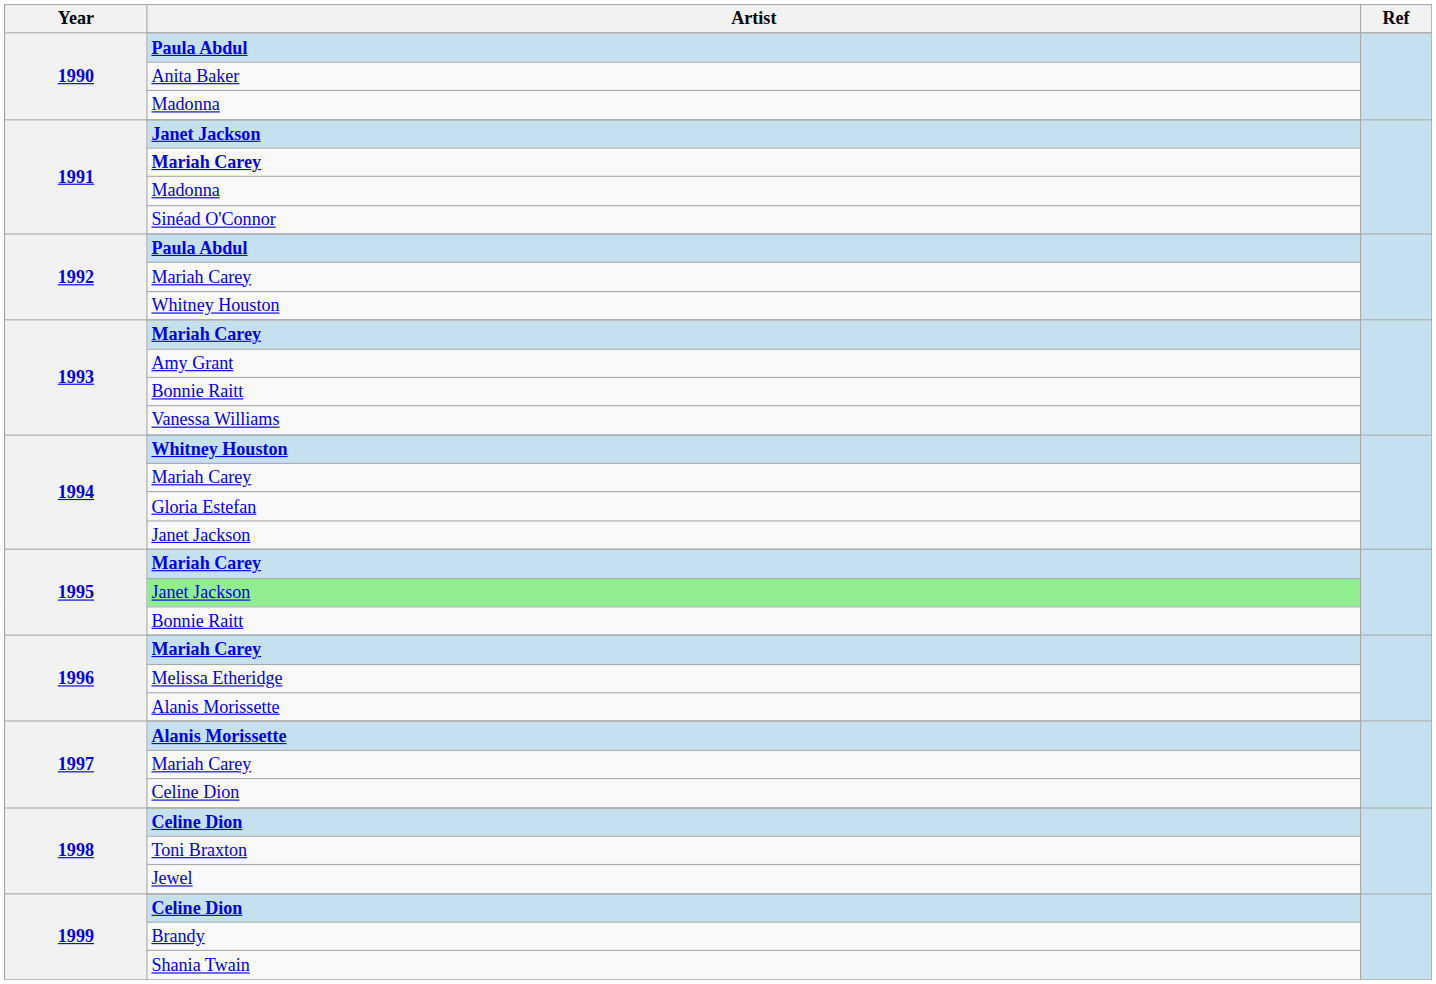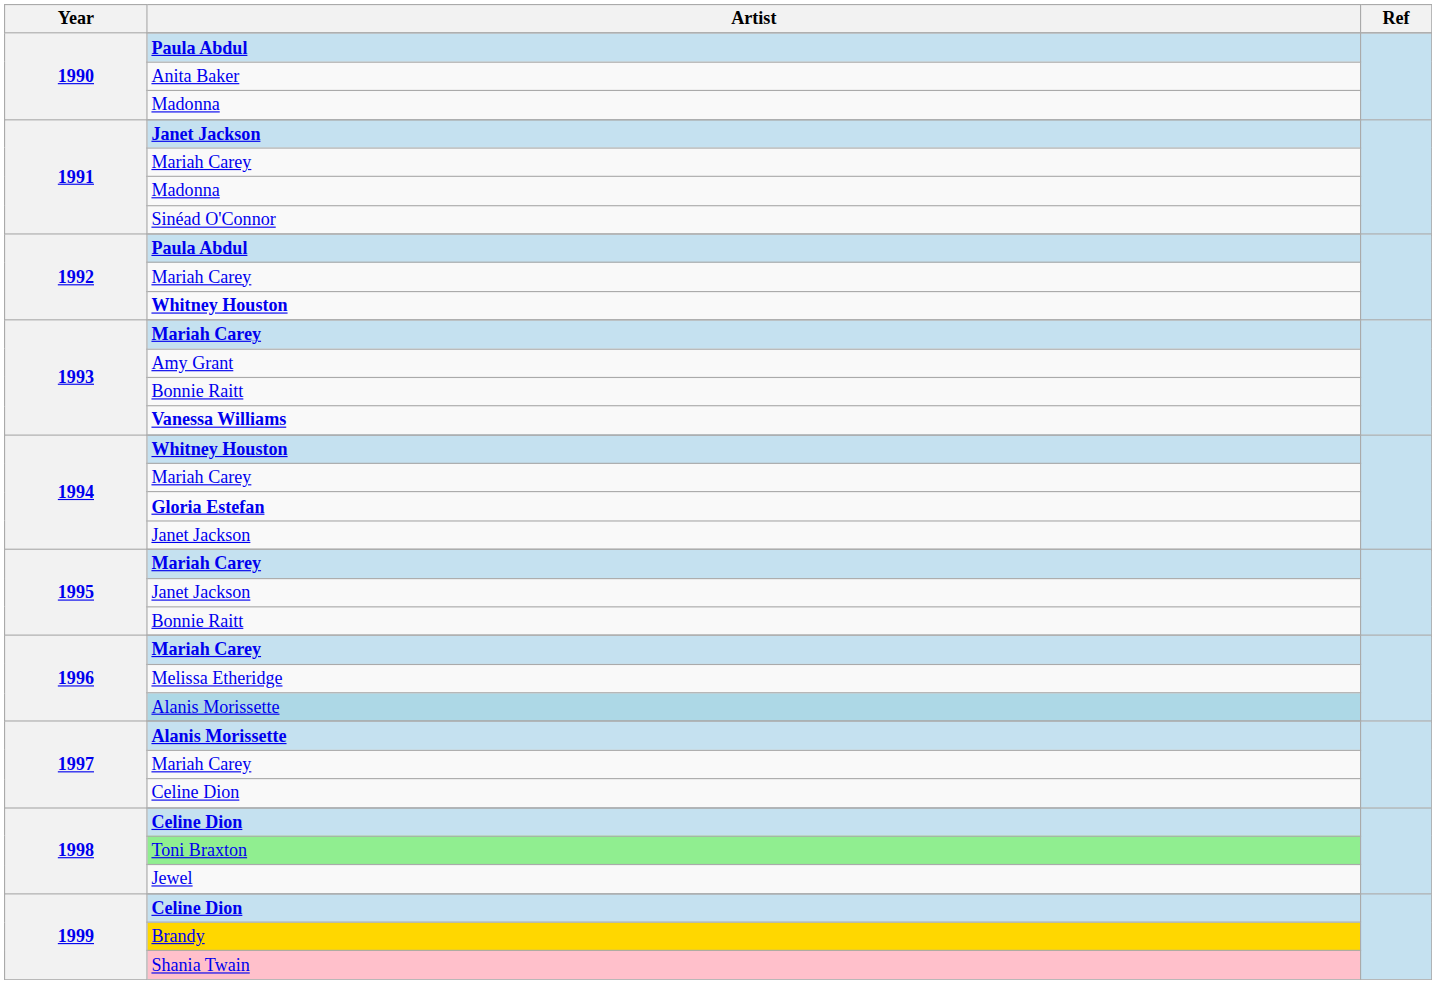 <table class="wikitable" width="100%">
 <tr>
 <th width="10%">Year</th>
 <th width="85%">Artist</th>
 <th width="5%">Ref</th>
 </tr>
 <tr>
 <th rowspan="4" align="center"><a href='#'>1990<br></a></th>
 </tr>
 <tr style="background:#c5e1f0">
 <td><strong><a href='#'>Paula Abdul</a></strong></td>
 <td rowspan="4" align="center"></td>
 </tr>
 <tr>
 <td><a href='#'>Anita Baker</a></td>
 </tr>
 <tr>
 <td><a href='#'>Madonna</a></td>
 </tr>
 <tr>
 <th rowspan="5" align="center"><a href='#'>1991<br></a></th>
 </tr>
 <tr style="background:#c5e1f0">
 <td><strong><a href='#'>Janet Jackson</a></strong></td>
 <td rowspan="5" align="center"></td>
 </tr>
 <tr>
-<td><strong><a href='#'>Mariah Carey</a></strong></td>
+<td><a href='#'>Mariah Carey</a></td>
 </tr>
 <tr>
 <td><a href='#'>Madonna</a></td>
 </tr>
 <tr>
 <td><a href='#'>Sinéad O'Connor</a></td>
 </tr>
 <tr>
 <th rowspan="4" align="center"><a href='#'>1992<br></a></th>
 </tr>
 <tr style="background:#c5e1f0">
 <td><strong><a href='#'>Paula Abdul</a></strong></td>
 <td rowspan="4" align="center"></td>
 </tr>
 <tr>
 <td><a href='#'>Mariah Carey</a></td>
 </tr>
 <tr>
-<td><a href='#'>Whitney Houston</a></td>
+<td><strong><a href='#'>Whitney Houston</a></strong></td>
 </tr>
 <tr>
 <th rowspan="5" align="center"><a href='#'>1993<br></a></th>
 </tr>
 <tr style="background:#c5e1f0">
 <td><strong><a href='#'>Mariah Carey</a></strong></td>
 <td rowspan="5" align="center"></td>
 </tr>
 <tr>
 <td><a href='#'>Amy Grant</a></td>
 </tr>
 <tr>
 <td><a href='#'>Bonnie Raitt</a></td>
 </tr>
 <tr>
-<td><a href='#'>Vanessa Williams</a></td>
+<td><strong><a href='#'>Vanessa Williams</a></strong></td>
 </tr>
 <tr>
 <th rowspan="5" align="center"><a href='#'>1994<br></a></th>
 </tr>
 <tr style="background:#c5e1f0">
 <td><strong><a href='#'>Whitney Houston</a></strong></td>
 <td rowspan="5" align="center"></td>
 </tr>
 <tr>
 <td><a href='#'>Mariah Carey</a></td>
 </tr>
 <tr>
-<td><a href='#'>Gloria Estefan</a></td>
+<td><strong><a href='#'>Gloria Estefan</a></strong></td>
 </tr>
 <tr>
 <td><a href='#'>Janet Jackson</a></td>
 </tr>
 <tr>
 <th rowspan="4" align="center"><a href='#'>1995<br></a></th>
 </tr>
 <tr style="background:#c5e1f0">
 <td><strong><a href='#'>Mariah Carey</a></strong></td>
 <td rowspan="4" align="center"></td>
 </tr>
 <tr>
-<td style="background: lightgreen;"><a href='#'>Janet Jackson</a></td>
+<td><a href='#'>Janet Jackson</a></td>
 </tr>
 <tr>
 <td><a href='#'>Bonnie Raitt</a></td>
 </tr>
 <tr>
 <th rowspan="4" align="center"><a href='#'>1996<br></a></th>
 </tr>
 <tr style="background:#c5e1f0">
 <td><strong><a href='#'>Mariah Carey</a></strong></td>
 <td rowspan="4" align="center"></td>
 </tr>
 <tr>
 <td><a href='#'>Melissa Etheridge</a></td>
 </tr>
 <tr>
-<td><a href='#'>Alanis Morissette</a></td>
+<td style="background: lightblue;"><a href='#'>Alanis Morissette</a></td>
 </tr>
 <tr>
 <th rowspan="4" align="center"><a href='#'>1997<br></a></th>
 </tr>
 <tr style="background:#c5e1f0">
 <td><strong><a href='#'>Alanis Morissette</a></strong></td>
 <td rowspan="4" align="center"></td>
 </tr>
 <tr>
 <td><a href='#'>Mariah Carey</a></td>
 </tr>
 <tr>
 <td><a href='#'>Celine Dion</a></td>
 </tr>
 <tr>
 <th rowspan="4" align="center"><a href='#'>1998<br></a></th>
 </tr>
 <tr style="background:#c5e1f0">
 <td><strong><a href='#'>Celine Dion</a></strong></td>
 <td rowspan="4" align="center"></td>
 </tr>
 <tr>
-<td><a href='#'>Toni Braxton</a></td>
+<td style="background: lightgreen;"><a href='#'>Toni Braxton</a></td>
 </tr>
 <tr>
 <td><a href='#'>Jewel</a></td>
 </tr>
 <tr>
 <th rowspan="4" align="center"><a href='#'>1999<br></a></th>
 </tr>
 <tr style="background:#c5e1f0">
 <td><strong><a href='#'>Celine Dion</a></strong></td>
 <td rowspan="4" align="center"></td>
 </tr>
 <tr>
-<td><a href='#'>Brandy</a></td>
+<td style="background: gold;"><a href='#'>Brandy</a></td>
 </tr>
 <tr>
-<td><a href='#'>Shania Twain</a></td>
+<td style="background: pink;"><a href='#'>Shania Twain</a></td>
 </tr>
 </table>
